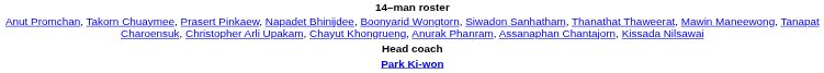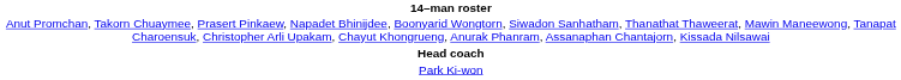 <table style="text-align:center; margin-top:2em; margin-left:auto; margin-right:auto">
 <tr>
 <td><strong>14–man roster</strong></td>
 </tr>
 <tr>
 <td><a href='#'>Anut Promchan</a>, <a href='#'>Takorn Chuaymee</a>, <a href='#'>Prasert Pinkaew</a>, <a href='#'>Napadet Bhinijdee</a>, <a href='#'>Boonyarid Wongtorn</a>, <a href='#'>Siwadon Sanhatham</a>, <a href='#'>Thanathat Thaweerat</a>, <a href='#'>Mawin Maneewong</a>, <a href='#'>Tanapat Charoensuk</a>, <a href='#'>Christopher Arli Upakam</a>, <a href='#'>Chayut Khongrueng</a>, <a href='#'>Anurak Phanram</a>, <a href='#'>Assanaphan Chantajorn</a>, <a href='#'>Kissada Nilsawai</a></td>
 </tr>
 <tr>
 <td><strong>Head coach</strong></td>
 </tr>
 <tr>
-<td><strong> <a href='#'>Park Ki-won</a></strong></td>
+<td> <a href='#'>Park Ki-won</a></td>
 </tr>
 </table>
